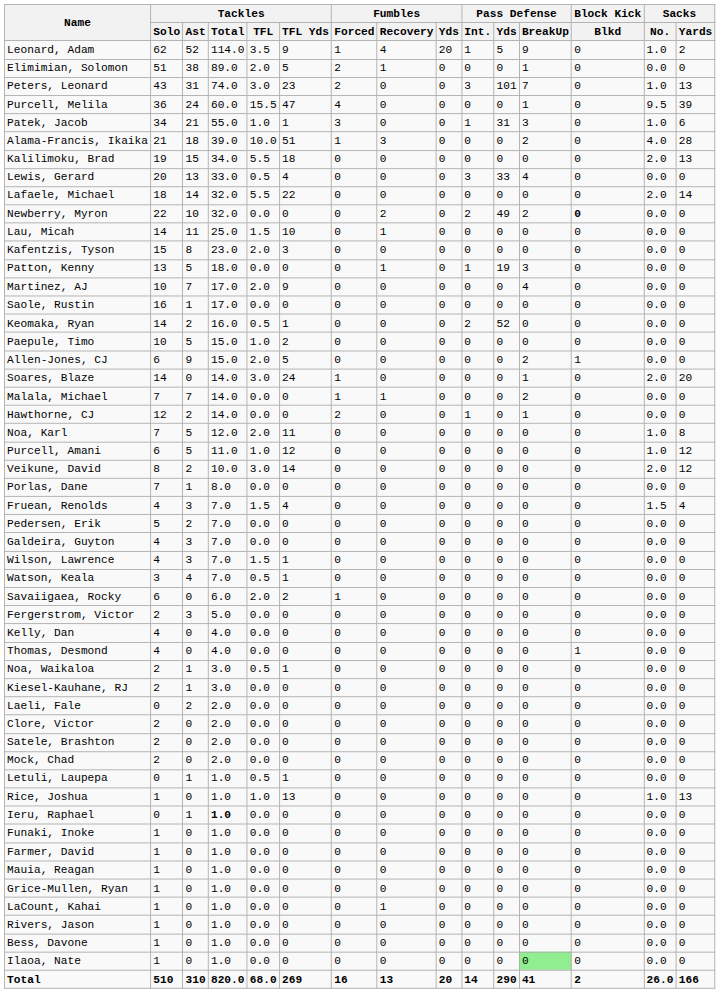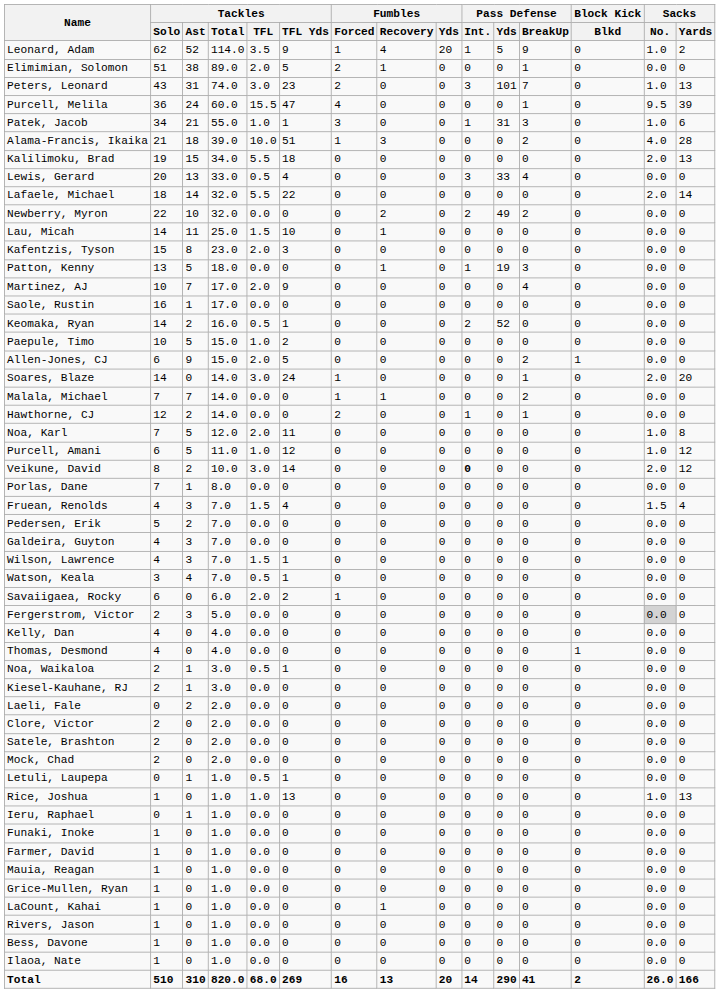 <table class="wikitable" style="white-space:nowrap;">
 <tr>
 <th rowspan="2">Name</th>
 <th colspan="5">Tackles</th>
 <th colspan="3">Fumbles</th>
 <th colspan="3">Pass Defense</th>
 <th>Block Kick</th>
 <th colspan="2">Sacks</th>
 </tr>
 <tr>
 <th>Solo</th>
 <th>Ast</th>
 <th>Total</th>
 <th>TFL</th>
 <th>TFL Yds</th>
 <th>Forced</th>
 <th>Recovery</th>
 <th>Yds</th>
 <th>Int.</th>
 <th>Yds</th>
 <th>BreakUp</th>
 <th>Blkd</th>
 <th>No.</th>
 <th>Yards</th>
 </tr>
 <tr>
 <td>Leonard, Adam</td>
 <td>62</td>
 <td>52</td>
 <td>114.0</td>
 <td>3.5</td>
 <td>9</td>
 <td>1</td>
 <td>4</td>
 <td>20</td>
 <td>1</td>
 <td>5</td>
 <td>9</td>
 <td>0</td>
 <td>1.0</td>
 <td>2</td>
 </tr>
 <tr>
 <td>Elimimian, Solomon</td>
 <td>51</td>
 <td>38</td>
 <td>89.0</td>
 <td>2.0</td>
 <td>5</td>
 <td>2</td>
 <td>1</td>
 <td>0</td>
 <td>0</td>
 <td>0</td>
 <td>1</td>
 <td>0</td>
 <td>0.0</td>
 <td>0</td>
 </tr>
 <tr>
 <td>Peters, Leonard</td>
 <td>43</td>
 <td>31</td>
 <td>74.0</td>
 <td>3.0</td>
 <td>23</td>
 <td>2</td>
 <td>0</td>
 <td>0</td>
 <td>3</td>
 <td>101</td>
 <td>7</td>
 <td>0</td>
 <td>1.0</td>
 <td>13</td>
 </tr>
 <tr>
 <td>Purcell, Melila</td>
 <td>36</td>
 <td>24</td>
 <td>60.0</td>
 <td>15.5</td>
 <td>47</td>
 <td>4</td>
 <td>0</td>
 <td>0</td>
 <td>0</td>
 <td>0</td>
 <td>1</td>
 <td>0</td>
 <td>9.5</td>
 <td>39</td>
 </tr>
 <tr>
 <td>Patek, Jacob</td>
 <td>34</td>
 <td>21</td>
 <td>55.0</td>
 <td>1.0</td>
 <td>1</td>
 <td>3</td>
 <td>0</td>
 <td>0</td>
 <td>1</td>
 <td>31</td>
 <td>3</td>
 <td>0</td>
 <td>1.0</td>
 <td>6</td>
 </tr>
 <tr>
 <td>Alama-Francis, Ikaika</td>
 <td>21</td>
 <td>18</td>
 <td>39.0</td>
 <td>10.0</td>
 <td>51</td>
 <td>1</td>
 <td>3</td>
 <td>0</td>
 <td>0</td>
 <td>0</td>
 <td>2</td>
 <td>0</td>
 <td>4.0</td>
 <td>28</td>
 </tr>
 <tr>
 <td>Kalilimoku, Brad</td>
 <td>19</td>
 <td>15</td>
 <td>34.0</td>
 <td>5.5</td>
 <td>18</td>
 <td>0</td>
 <td>0</td>
 <td>0</td>
 <td>0</td>
 <td>0</td>
 <td>0</td>
 <td>0</td>
 <td>2.0</td>
 <td>13</td>
 </tr>
 <tr>
 <td>Lewis, Gerard</td>
 <td>20</td>
 <td>13</td>
 <td>33.0</td>
 <td>0.5</td>
 <td>4</td>
 <td>0</td>
 <td>0</td>
 <td>0</td>
 <td>3</td>
 <td>33</td>
 <td>4</td>
 <td>0</td>
 <td>0.0</td>
 <td>0</td>
 </tr>
 <tr>
 <td>Lafaele, Michael</td>
 <td>18</td>
 <td>14</td>
 <td>32.0</td>
 <td>5.5</td>
 <td>22</td>
 <td>0</td>
 <td>0</td>
 <td>0</td>
 <td>0</td>
 <td>0</td>
 <td>0</td>
 <td>0</td>
 <td>2.0</td>
 <td>14</td>
 </tr>
 <tr>
 <td>Newberry, Myron</td>
 <td>22</td>
 <td>10</td>
 <td>32.0</td>
 <td>0.0</td>
 <td>0</td>
 <td>0</td>
 <td>2</td>
 <td>0</td>
 <td>2</td>
 <td>49</td>
 <td>2</td>
-<td><strong>0</strong></td>
+<td>0</td>
 <td>0.0</td>
 <td>0</td>
 </tr>
 <tr>
 <td>Lau, Micah</td>
 <td>14</td>
 <td>11</td>
 <td>25.0</td>
 <td>1.5</td>
 <td>10</td>
 <td>0</td>
 <td>1</td>
 <td>0</td>
 <td>0</td>
 <td>0</td>
 <td>0</td>
 <td>0</td>
 <td>0.0</td>
 <td>0</td>
 </tr>
 <tr>
 <td>Kafentzis, Tyson</td>
 <td>15</td>
 <td>8</td>
 <td>23.0</td>
 <td>2.0</td>
 <td>3</td>
 <td>0</td>
 <td>0</td>
 <td>0</td>
 <td>0</td>
 <td>0</td>
 <td>0</td>
 <td>0</td>
 <td>0.0</td>
 <td>0</td>
 </tr>
 <tr>
 <td>Patton, Kenny</td>
 <td>13</td>
 <td>5</td>
 <td>18.0</td>
 <td>0.0</td>
 <td>0</td>
 <td>0</td>
 <td>1</td>
 <td>0</td>
 <td>1</td>
 <td>19</td>
 <td>3</td>
 <td>0</td>
 <td>0.0</td>
 <td>0</td>
 </tr>
 <tr>
 <td>Martinez, AJ</td>
 <td>10</td>
 <td>7</td>
 <td>17.0</td>
 <td>2.0</td>
 <td>9</td>
 <td>0</td>
 <td>0</td>
 <td>0</td>
 <td>0</td>
 <td>0</td>
 <td>4</td>
 <td>0</td>
 <td>0.0</td>
 <td>0</td>
 </tr>
 <tr>
 <td>Saole, Rustin</td>
 <td>16</td>
 <td>1</td>
 <td>17.0</td>
 <td>0.0</td>
 <td>0</td>
 <td>0</td>
 <td>0</td>
 <td>0</td>
 <td>0</td>
 <td>0</td>
 <td>0</td>
 <td>0</td>
 <td>0.0</td>
 <td>0</td>
 </tr>
 <tr>
 <td>Keomaka, Ryan</td>
 <td>14</td>
 <td>2</td>
 <td>16.0</td>
 <td>0.5</td>
 <td>1</td>
 <td>0</td>
 <td>0</td>
 <td>0</td>
 <td>2</td>
 <td>52</td>
 <td>0</td>
 <td>0</td>
 <td>0.0</td>
 <td>0</td>
 </tr>
 <tr>
 <td>Paepule, Timo</td>
 <td>10</td>
 <td>5</td>
 <td>15.0</td>
 <td>1.0</td>
 <td>2</td>
 <td>0</td>
 <td>0</td>
 <td>0</td>
 <td>0</td>
 <td>0</td>
 <td>0</td>
 <td>0</td>
 <td>0.0</td>
 <td>0</td>
 </tr>
 <tr>
 <td>Allen-Jones, CJ</td>
 <td>6</td>
 <td>9</td>
 <td>15.0</td>
 <td>2.0</td>
 <td>5</td>
 <td>0</td>
 <td>0</td>
 <td>0</td>
 <td>0</td>
 <td>0</td>
 <td>2</td>
 <td>1</td>
 <td>0.0</td>
 <td>0</td>
 </tr>
 <tr>
 <td>Soares, Blaze</td>
 <td>14</td>
 <td>0</td>
 <td>14.0</td>
 <td>3.0</td>
 <td>24</td>
 <td>1</td>
 <td>0</td>
 <td>0</td>
 <td>0</td>
 <td>0</td>
 <td>1</td>
 <td>0</td>
 <td>2.0</td>
 <td>20</td>
 </tr>
 <tr>
 <td>Malala, Michael</td>
 <td>7</td>
 <td>7</td>
 <td>14.0</td>
 <td>0.0</td>
 <td>0</td>
 <td>1</td>
 <td>1</td>
 <td>0</td>
 <td>0</td>
 <td>0</td>
 <td>2</td>
 <td>0</td>
 <td>0.0</td>
 <td>0</td>
 </tr>
 <tr>
 <td>Hawthorne, CJ</td>
 <td>12</td>
 <td>2</td>
 <td>14.0</td>
 <td>0.0</td>
 <td>0</td>
 <td>2</td>
 <td>0</td>
 <td>0</td>
 <td>1</td>
 <td>0</td>
 <td>1</td>
 <td>0</td>
 <td>0.0</td>
 <td>0</td>
 </tr>
 <tr>
 <td>Noa, Karl</td>
 <td>7</td>
 <td>5</td>
 <td>12.0</td>
 <td>2.0</td>
 <td>11</td>
 <td>0</td>
 <td>0</td>
 <td>0</td>
 <td>0</td>
 <td>0</td>
 <td>0</td>
 <td>0</td>
 <td>1.0</td>
 <td>8</td>
 </tr>
 <tr>
 <td>Purcell, Amani</td>
 <td>6</td>
 <td>5</td>
 <td>11.0</td>
 <td>1.0</td>
 <td>12</td>
 <td>0</td>
 <td>0</td>
 <td>0</td>
 <td>0</td>
 <td>0</td>
 <td>0</td>
 <td>0</td>
 <td>1.0</td>
 <td>12</td>
 </tr>
 <tr>
 <td>Veikune, David</td>
 <td>8</td>
 <td>2</td>
 <td>10.0</td>
 <td>3.0</td>
 <td>14</td>
 <td>0</td>
 <td>0</td>
 <td>0</td>
-<td>0</td>
+<td><strong>0</strong></td>
 <td>0</td>
 <td>0</td>
 <td>0</td>
 <td>2.0</td>
 <td>12</td>
 </tr>
 <tr>
 <td>Porlas, Dane</td>
 <td>7</td>
 <td>1</td>
 <td>8.0</td>
 <td>0.0</td>
 <td>0</td>
 <td>0</td>
 <td>0</td>
 <td>0</td>
 <td>0</td>
 <td>0</td>
 <td>0</td>
 <td>0</td>
 <td>0.0</td>
 <td>0</td>
 </tr>
 <tr>
 <td>Fruean, Renolds</td>
 <td>4</td>
 <td>3</td>
 <td>7.0</td>
 <td>1.5</td>
 <td>4</td>
 <td>0</td>
 <td>0</td>
 <td>0</td>
 <td>0</td>
 <td>0</td>
 <td>0</td>
 <td>0</td>
 <td>1.5</td>
 <td>4</td>
 </tr>
 <tr>
 <td>Pedersen, Erik</td>
 <td>5</td>
 <td>2</td>
 <td>7.0</td>
 <td>0.0</td>
 <td>0</td>
 <td>0</td>
 <td>0</td>
 <td>0</td>
 <td>0</td>
 <td>0</td>
 <td>0</td>
 <td>0</td>
 <td>0.0</td>
 <td>0</td>
 </tr>
 <tr>
 <td>Galdeira, Guyton</td>
 <td>4</td>
 <td>3</td>
 <td>7.0</td>
 <td>0.0</td>
 <td>0</td>
 <td>0</td>
 <td>0</td>
 <td>0</td>
 <td>0</td>
 <td>0</td>
 <td>0</td>
 <td>0</td>
 <td>0.0</td>
 <td>0</td>
 </tr>
 <tr>
 <td>Wilson, Lawrence</td>
 <td>4</td>
 <td>3</td>
 <td>7.0</td>
 <td>1.5</td>
 <td>1</td>
 <td>0</td>
 <td>0</td>
 <td>0</td>
 <td>0</td>
 <td>0</td>
 <td>0</td>
 <td>0</td>
 <td>0.0</td>
 <td>0</td>
 </tr>
 <tr>
 <td>Watson, Keala</td>
 <td>3</td>
 <td>4</td>
 <td>7.0</td>
 <td>0.5</td>
 <td>1</td>
 <td>0</td>
 <td>0</td>
 <td>0</td>
 <td>0</td>
 <td>0</td>
 <td>0</td>
 <td>0</td>
 <td>0.0</td>
 <td>0</td>
 </tr>
 <tr>
 <td>Savaiigaea, Rocky</td>
 <td>6</td>
 <td>0</td>
 <td>6.0</td>
 <td>2.0</td>
 <td>2</td>
 <td>1</td>
 <td>0</td>
 <td>0</td>
 <td>0</td>
 <td>0</td>
 <td>0</td>
 <td>0</td>
 <td>0.0</td>
 <td>0</td>
 </tr>
 <tr>
 <td>Fergerstrom, Victor</td>
 <td>2</td>
 <td>3</td>
 <td>5.0</td>
 <td>0.0</td>
 <td>0</td>
 <td>0</td>
 <td>0</td>
 <td>0</td>
 <td>0</td>
 <td>0</td>
 <td>0</td>
 <td>0</td>
-<td>0.0</td>
+<td style="background: lightgrey;">0.0</td>
 <td>0</td>
 </tr>
 <tr>
 <td>Kelly, Dan</td>
 <td>4</td>
 <td>0</td>
 <td>4.0</td>
 <td>0.0</td>
 <td>0</td>
 <td>0</td>
 <td>0</td>
 <td>0</td>
 <td>0</td>
 <td>0</td>
 <td>0</td>
 <td>0</td>
 <td>0.0</td>
 <td>0</td>
 </tr>
 <tr>
 <td>Thomas, Desmond</td>
 <td>4</td>
 <td>0</td>
 <td>4.0</td>
 <td>0.0</td>
 <td>0</td>
 <td>0</td>
 <td>0</td>
 <td>0</td>
 <td>0</td>
 <td>0</td>
 <td>0</td>
 <td>1</td>
 <td>0.0</td>
 <td>0</td>
 </tr>
 <tr>
 <td>Noa, Waikaloa</td>
 <td>2</td>
 <td>1</td>
 <td>3.0</td>
 <td>0.5</td>
 <td>1</td>
 <td>0</td>
 <td>0</td>
 <td>0</td>
 <td>0</td>
 <td>0</td>
 <td>0</td>
 <td>0</td>
 <td>0.0</td>
 <td>0</td>
 </tr>
 <tr>
 <td>Kiesel-Kauhane, RJ</td>
 <td>2</td>
 <td>1</td>
 <td>3.0</td>
 <td>0.0</td>
 <td>0</td>
 <td>0</td>
 <td>0</td>
 <td>0</td>
 <td>0</td>
 <td>0</td>
 <td>0</td>
 <td>0</td>
 <td>0.0</td>
 <td>0</td>
 </tr>
 <tr>
 <td>Laeli, Fale</td>
 <td>0</td>
 <td>2</td>
 <td>2.0</td>
 <td>0.0</td>
 <td>0</td>
 <td>0</td>
 <td>0</td>
 <td>0</td>
 <td>0</td>
 <td>0</td>
 <td>0</td>
 <td>0</td>
 <td>0.0</td>
 <td>0</td>
 </tr>
 <tr>
 <td>Clore, Victor</td>
 <td>2</td>
 <td>0</td>
 <td>2.0</td>
 <td>0.0</td>
 <td>0</td>
 <td>0</td>
 <td>0</td>
 <td>0</td>
 <td>0</td>
 <td>0</td>
 <td>0</td>
 <td>0</td>
 <td>0.0</td>
 <td>0</td>
 </tr>
 <tr>
 <td>Satele, Brashton</td>
 <td>2</td>
 <td>0</td>
 <td>2.0</td>
 <td>0.0</td>
 <td>0</td>
 <td>0</td>
 <td>0</td>
 <td>0</td>
 <td>0</td>
 <td>0</td>
 <td>0</td>
 <td>0</td>
 <td>0.0</td>
 <td>0</td>
 </tr>
 <tr>
 <td>Mock, Chad</td>
 <td>2</td>
 <td>0</td>
 <td>2.0</td>
 <td>0.0</td>
 <td>0</td>
 <td>0</td>
 <td>0</td>
 <td>0</td>
 <td>0</td>
 <td>0</td>
 <td>0</td>
 <td>0</td>
 <td>0.0</td>
 <td>0</td>
 </tr>
 <tr>
 <td>Letuli, Laupepa</td>
 <td>0</td>
 <td>1</td>
 <td>1.0</td>
 <td>0.5</td>
 <td>1</td>
 <td>0</td>
 <td>0</td>
 <td>0</td>
 <td>0</td>
 <td>0</td>
 <td>0</td>
 <td>0</td>
 <td>0.0</td>
 <td>0</td>
 </tr>
 <tr>
 <td>Rice, Joshua</td>
 <td>1</td>
 <td>0</td>
 <td>1.0</td>
 <td>1.0</td>
 <td>13</td>
 <td>0</td>
 <td>0</td>
 <td>0</td>
 <td>0</td>
 <td>0</td>
 <td>0</td>
 <td>0</td>
 <td>1.0</td>
 <td>13</td>
 </tr>
 <tr>
 <td>Ieru, Raphael</td>
 <td>0</td>
 <td>1</td>
-<td><strong>1.0</strong></td>
+<td>1.0</td>
 <td>0.0</td>
 <td>0</td>
 <td>0</td>
 <td>0</td>
 <td>0</td>
 <td>0</td>
 <td>0</td>
 <td>0</td>
 <td>0</td>
 <td>0.0</td>
 <td>0</td>
 </tr>
 <tr>
 <td>Funaki, Inoke</td>
 <td>1</td>
 <td>0</td>
 <td>1.0</td>
 <td>0.0</td>
 <td>0</td>
 <td>0</td>
 <td>0</td>
 <td>0</td>
 <td>0</td>
 <td>0</td>
 <td>0</td>
 <td>0</td>
 <td>0.0</td>
 <td>0</td>
 </tr>
 <tr>
 <td>Farmer, David</td>
 <td>1</td>
 <td>0</td>
 <td>1.0</td>
 <td>0.0</td>
 <td>0</td>
 <td>0</td>
 <td>0</td>
 <td>0</td>
 <td>0</td>
 <td>0</td>
 <td>0</td>
 <td>0</td>
 <td>0.0</td>
 <td>0</td>
 </tr>
 <tr>
 <td>Mauia, Reagan</td>
 <td>1</td>
 <td>0</td>
 <td>1.0</td>
 <td>0.0</td>
 <td>0</td>
 <td>0</td>
 <td>0</td>
 <td>0</td>
 <td>0</td>
 <td>0</td>
 <td>0</td>
 <td>0</td>
 <td>0.0</td>
 <td>0</td>
 </tr>
 <tr>
 <td>Grice-Mullen, Ryan</td>
 <td>1</td>
 <td>0</td>
 <td>1.0</td>
 <td>0.0</td>
 <td>0</td>
 <td>0</td>
 <td>0</td>
 <td>0</td>
 <td>0</td>
 <td>0</td>
 <td>0</td>
 <td>0</td>
 <td>0.0</td>
 <td>0</td>
 </tr>
 <tr>
 <td>LaCount, Kahai</td>
 <td>1</td>
 <td>0</td>
 <td>1.0</td>
 <td>0.0</td>
 <td>0</td>
 <td>0</td>
 <td>1</td>
 <td>0</td>
 <td>0</td>
 <td>0</td>
 <td>0</td>
 <td>0</td>
 <td>0.0</td>
 <td>0</td>
 </tr>
 <tr>
 <td>Rivers, Jason</td>
 <td>1</td>
 <td>0</td>
 <td>1.0</td>
 <td>0.0</td>
 <td>0</td>
 <td>0</td>
 <td>0</td>
 <td>0</td>
 <td>0</td>
 <td>0</td>
 <td>0</td>
 <td>0</td>
 <td>0.0</td>
 <td>0</td>
 </tr>
 <tr>
 <td>Bess, Davone</td>
 <td>1</td>
 <td>0</td>
 <td>1.0</td>
 <td>0.0</td>
 <td>0</td>
 <td>0</td>
 <td>0</td>
 <td>0</td>
 <td>0</td>
 <td>0</td>
 <td>0</td>
 <td>0</td>
 <td>0.0</td>
 <td>0</td>
 </tr>
 <tr>
 <td>Ilaoa, Nate</td>
 <td>1</td>
 <td>0</td>
 <td>1.0</td>
 <td>0.0</td>
 <td>0</td>
 <td>0</td>
 <td>0</td>
 <td>0</td>
 <td>0</td>
 <td>0</td>
-<td style="background: lightgreen;">0</td>
+<td>0</td>
 <td>0</td>
 <td>0.0</td>
 <td>0</td>
 </tr>
 <tr style="font-weight:bold;">
 <td>Total</td>
 <td>510</td>
 <td>310</td>
 <td>820.0</td>
 <td>68.0</td>
 <td>269</td>
 <td>16</td>
 <td>13</td>
 <td>20</td>
 <td>14</td>
 <td>290</td>
 <td>41</td>
 <td>2</td>
 <td>26.0</td>
 <td>166</td>
 </tr>
 </table>
